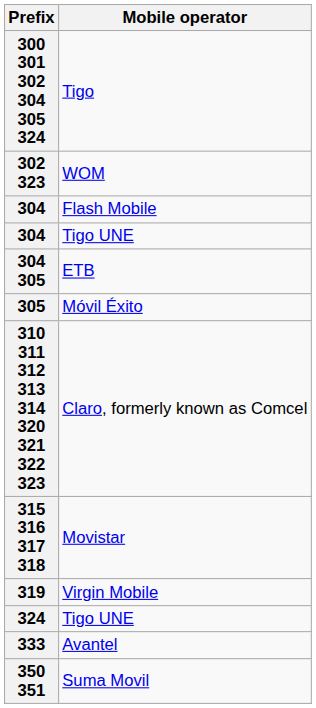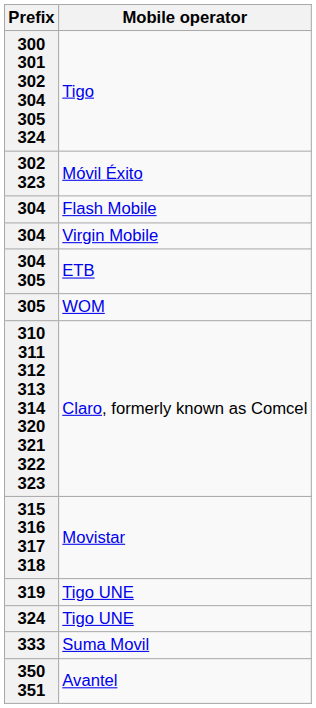 <table class="wikitable sortable"|>
 <tr>
 <th>Prefix</th>
 <th>Mobile operator</th>
 </tr>
 <tr>
 <th>300<br>301<br>302<br>304<br>305<br>324</th>
 <td><a href='#'>Tigo</a></td>
 </tr>
 <tr>
 <th>302<br>323</th>
-<td><a href='#'>WOM</a></td>
+<td><a href='#'>Móvil Éxito</a></td>
 </tr>
 <tr>
 <th>304</th>
 <td><a href='#'>Flash Mobile</a></td>
 </tr>
 <tr>
 <th>304</th>
-<td><a href='#'>Tigo UNE</a></td>
+<td><a href='#'>Virgin Mobile</a></td>
 </tr>
 <tr>
 <th>304<br>305</th>
 <td><a href='#'>ETB</a></td>
 </tr>
 <tr>
 <th>305</th>
-<td><a href='#'>Móvil Éxito</a></td>
+<td><a href='#'>WOM</a></td>
 </tr>
 <tr>
 <th>310<br>311<br>312<br>313<br>314<br>320<br>321<br>322<br>323</th>
 <td><a href='#'>Claro</a>, formerly known as Comcel</td>
 </tr>
 <tr>
 <th>315<br>316<br>317<br>318</th>
 <td><a href='#'>Movistar</a></td>
 </tr>
 <tr>
 <th>319</th>
-<td><a href='#'>Virgin Mobile</a></td>
+<td><a href='#'>Tigo UNE</a></td>
 </tr>
 <tr>
 <th>324</th>
 <td><a href='#'>Tigo UNE</a></td>
 </tr>
 <tr>
 <th>333</th>
-<td><a href='#'>Avantel</a></td>
+<td><a href='#'>Suma Movil</a></td>
 </tr>
 <tr>
 <th>350<br>351</th>
-<td><a href='#'>Suma Movil</a></td>
+<td><a href='#'>Avantel</a></td>
 </tr>
 </table>
